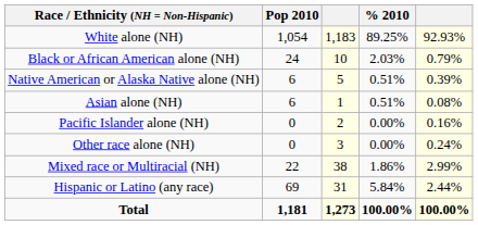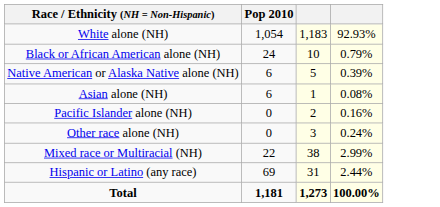 <table class="wikitable" style="text-align:center;">
 <tr>
 <th>Race / Ethnicity <small>(<em>NH = Non-Hispanic</em>)</small></th>
 <th>Pop 2010</th>
 <th></th>
-<th>% 2010</th>
 <th></th>
 </tr>
 <tr>
 <td><a href='#'>White</a> alone (NH)</td>
 <td>1,054</td>
 <td style='background: #ffffe6;'>1,183</td>
-<td>89.25%</td>
 <td style='background: #ffffe6;'>92.93%</td>
 </tr>
 <tr>
 <td><a href='#'>Black or African American</a> alone (NH)</td>
 <td>24</td>
 <td style='background: #ffffe6;'>10</td>
-<td>2.03%</td>
 <td style='background: #ffffe6;'>0.79%</td>
 </tr>
 <tr>
 <td><a href='#'>Native American</a> or <a href='#'>Alaska Native</a> alone (NH)</td>
 <td>6</td>
 <td style='background: #ffffe6;'>5</td>
-<td>0.51%</td>
 <td style='background: #ffffe6;'>0.39%</td>
 </tr>
 <tr>
 <td><a href='#'>Asian</a> alone (NH)</td>
 <td>6</td>
 <td style='background: #ffffe6;'>1</td>
-<td>0.51%</td>
 <td style='background: #ffffe6;'>0.08%</td>
 </tr>
 <tr>
 <td><a href='#'>Pacific Islander</a> alone (NH)</td>
 <td>0</td>
 <td style='background: #ffffe6;'>2</td>
-<td>0.00%</td>
 <td style='background: #ffffe6;'>0.16%</td>
 </tr>
 <tr>
 <td><a href='#'>Other race</a> alone (NH)</td>
 <td>0</td>
 <td style='background: #ffffe6;'>3</td>
-<td>0.00%</td>
 <td style='background: #ffffe6;'>0.24%</td>
 </tr>
 <tr>
 <td><a href='#'>Mixed race or Multiracial</a> (NH)</td>
 <td>22</td>
 <td style='background: #ffffe6;'>38</td>
-<td>1.86%</td>
 <td style='background: #ffffe6;'>2.99%</td>
 </tr>
 <tr>
 <td><a href='#'>Hispanic or Latino</a> (any race)</td>
 <td>69</td>
 <td style='background: #ffffe6;'>31</td>
-<td>5.84%</td>
 <td style='background: #ffffe6;'>2.44%</td>
 </tr>
 <tr>
 <td><strong>Total</strong></td>
 <td><strong>1,181</strong></td>
 <td style='background: #ffffe6;'><strong>1,273</strong></td>
-<td><strong>100.00%</strong></td>
 <td style='background: #ffffe6;'><strong>100.00%</strong></td>
 </tr>
 </table>
